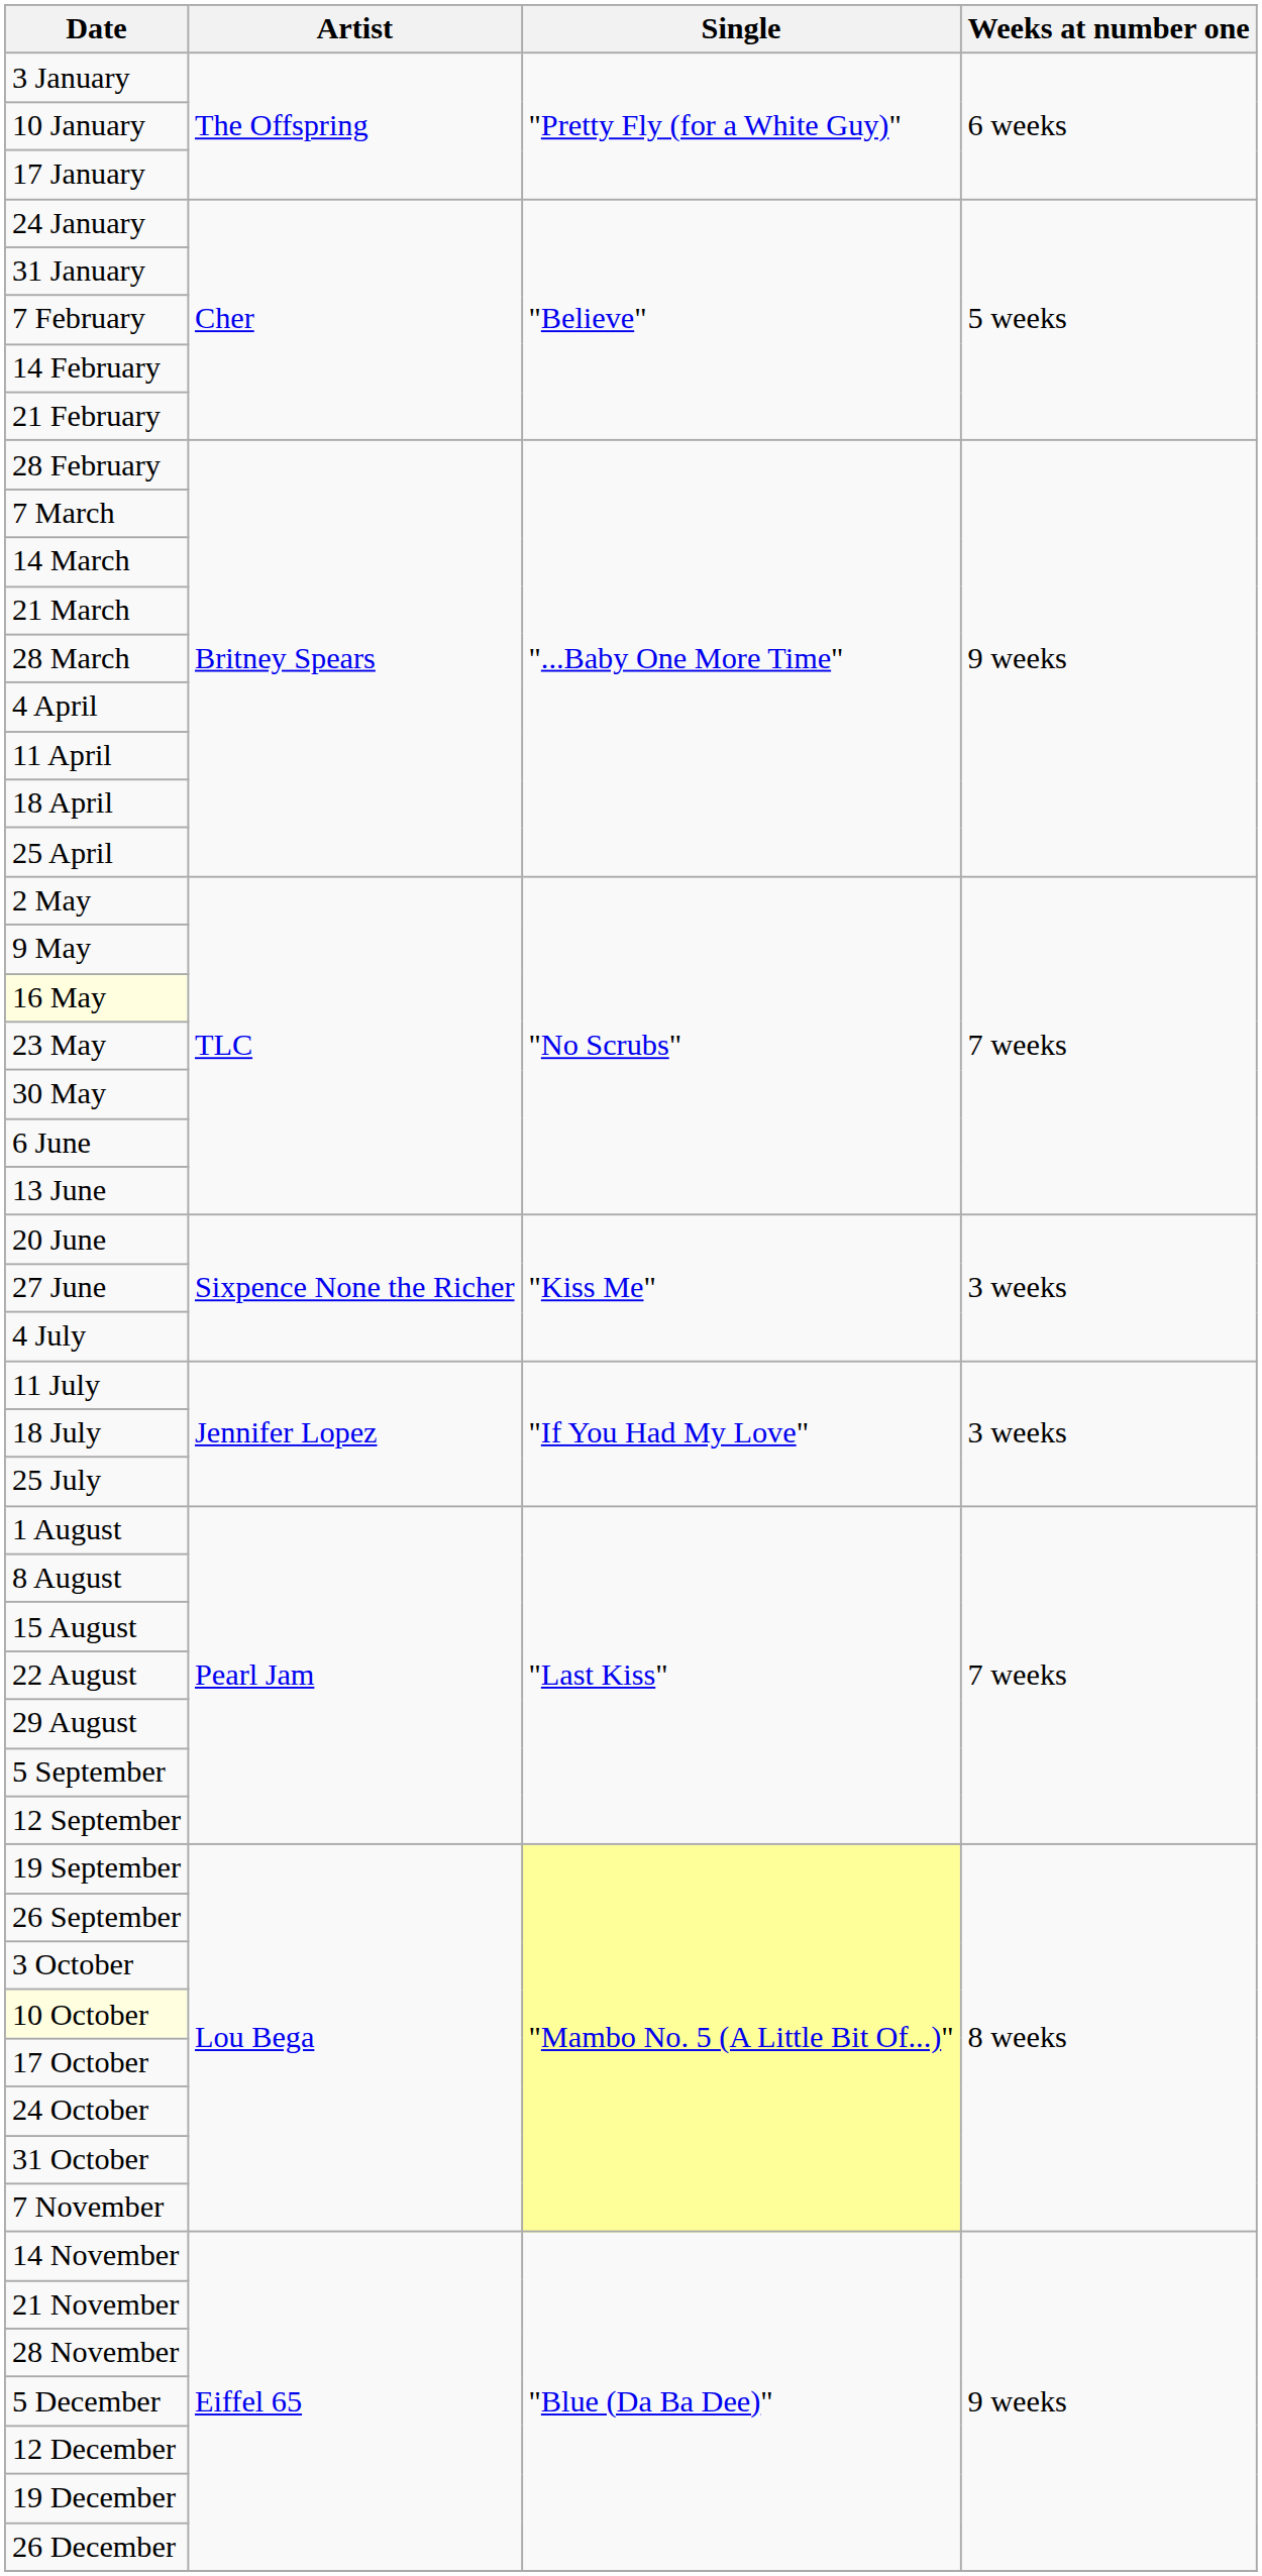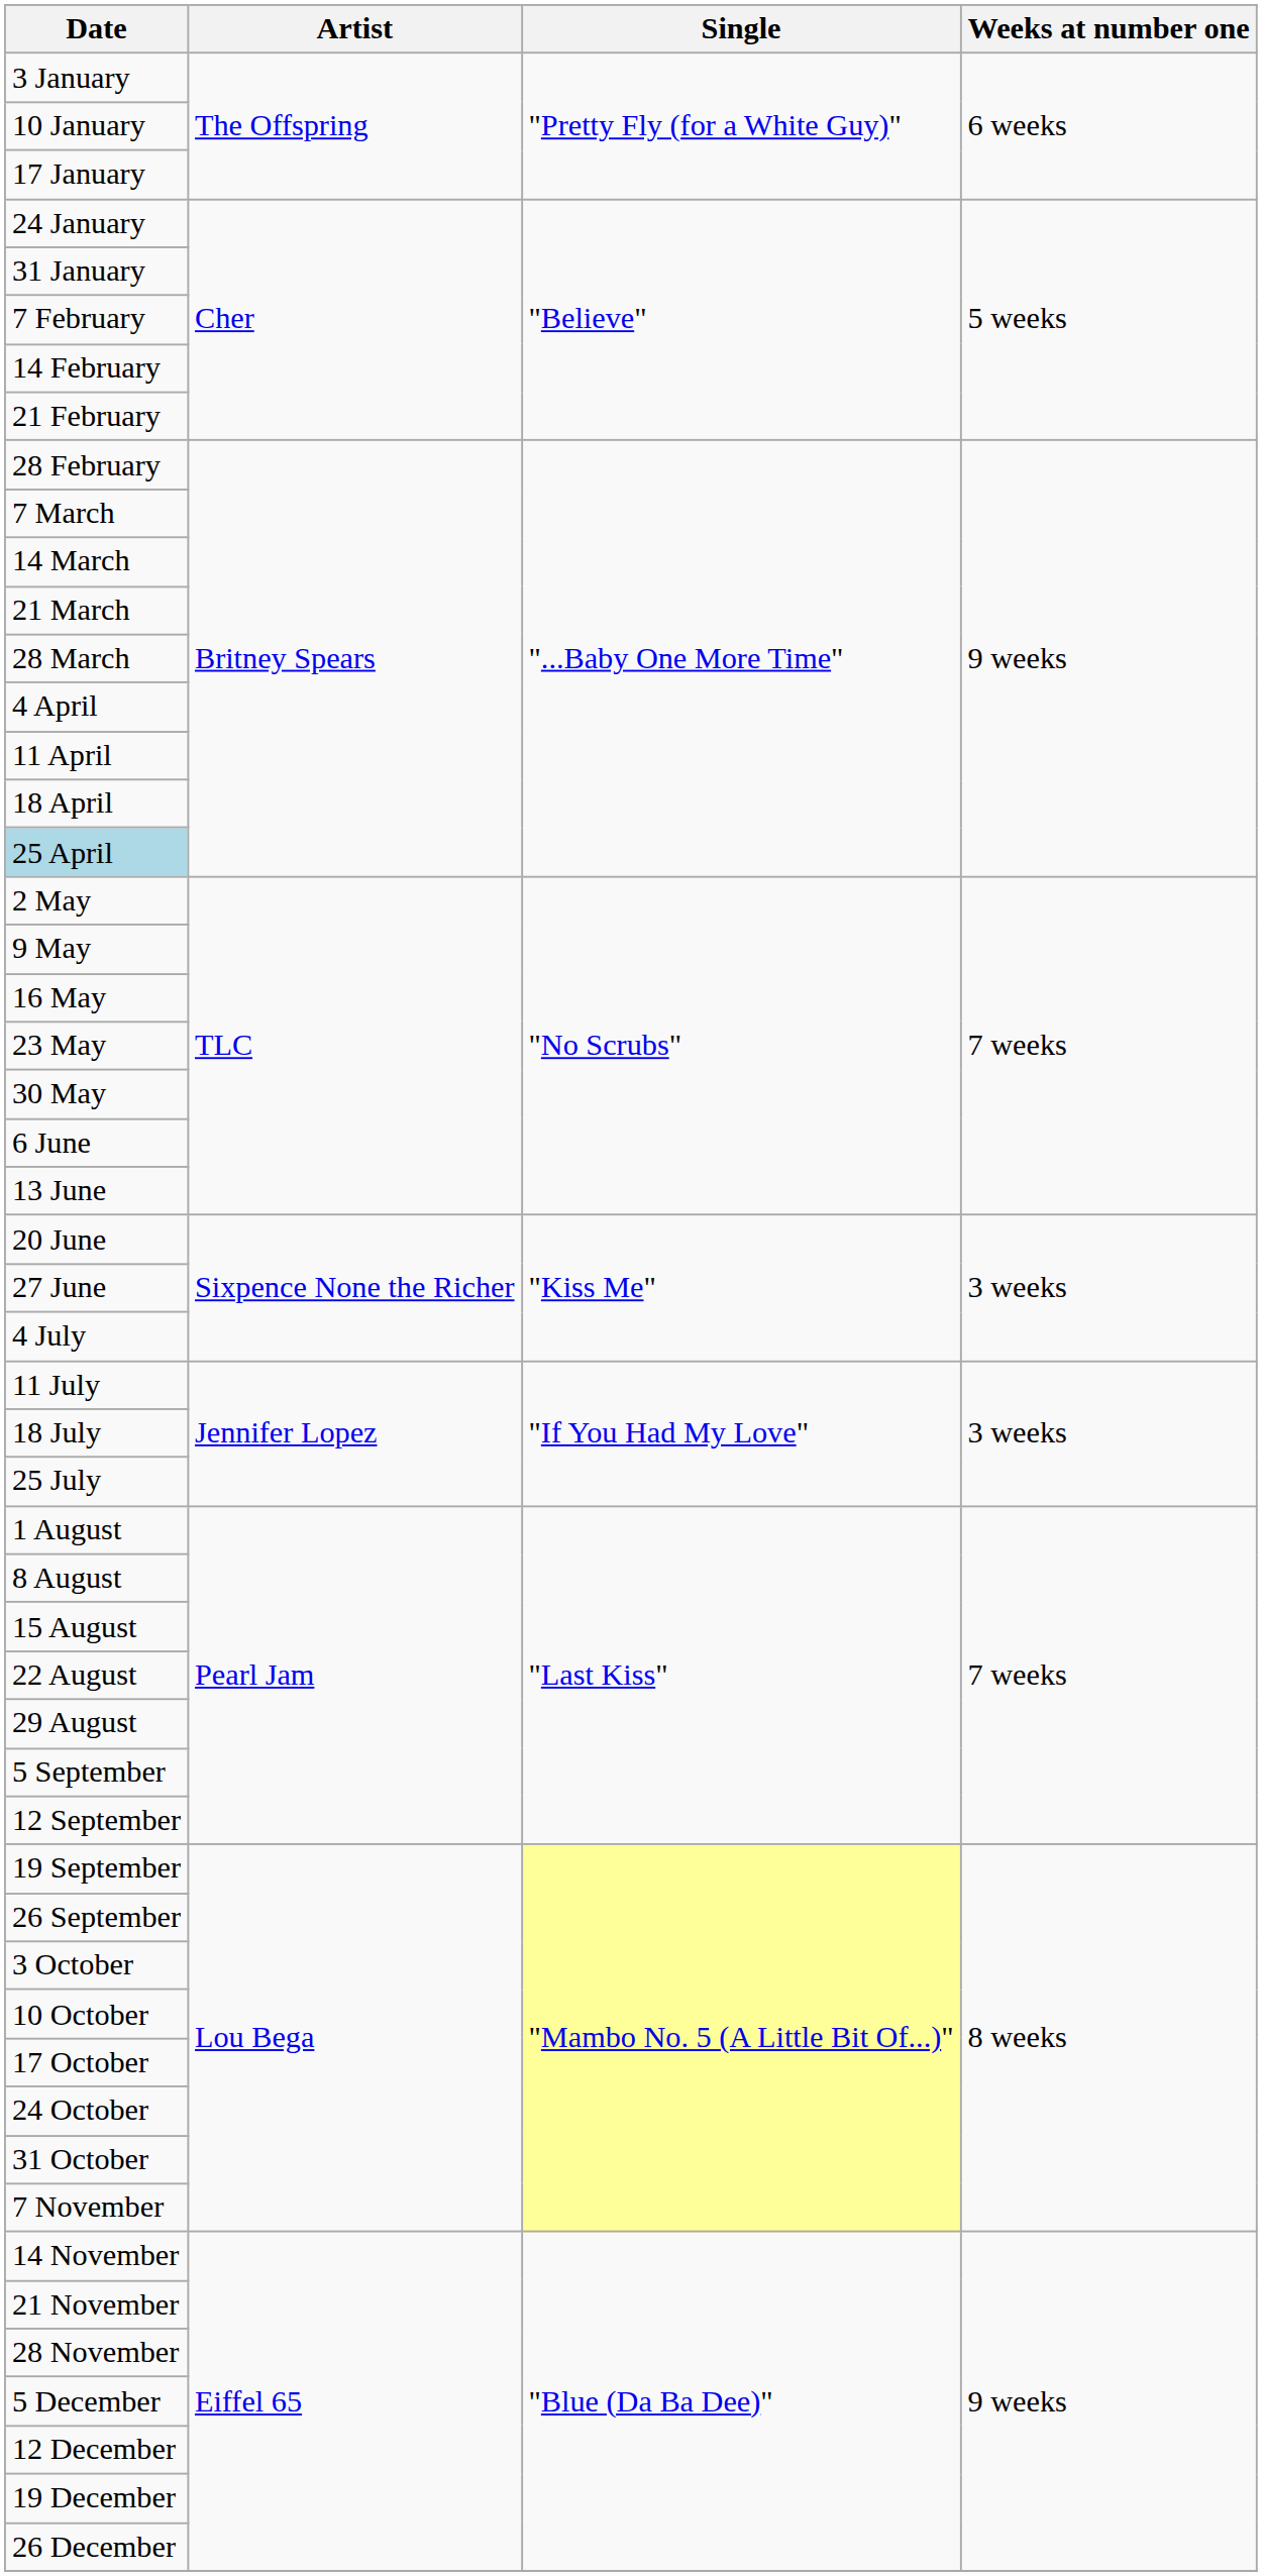 <table class="wikitable">
 <tr>
 <th>Date</th>
 <th>Artist</th>
 <th>Single</th>
 <th>Weeks at number one</th>
 </tr>
 <tr>
 <td>3 January</td>
 <td rowspan="3"><a href='#'>The Offspring</a></td>
 <td rowspan="3">"<a href='#'>Pretty Fly (for a White Guy)</a>"</td>
 <td rowspan="3">6 weeks</td>
 </tr>
 <tr>
 <td>10 January</td>
 </tr>
 <tr>
 <td>17 January</td>
 </tr>
 <tr>
 <td>24 January</td>
 <td rowspan="5"><a href='#'>Cher</a></td>
 <td rowspan="5">"<a href='#'>Believe</a>"</td>
 <td rowspan="5">5 weeks</td>
 </tr>
 <tr>
 <td>31 January</td>
 </tr>
 <tr>
 <td>7 February</td>
 </tr>
 <tr>
 <td>14 February</td>
 </tr>
 <tr>
 <td>21 February</td>
 </tr>
 <tr>
 <td>28 February</td>
 <td rowspan="9"><a href='#'>Britney Spears</a></td>
 <td rowspan="9">"<a href='#'>...Baby One More Time</a>"</td>
 <td rowspan="9">9 weeks</td>
 </tr>
 <tr>
 <td>7 March</td>
 </tr>
 <tr>
 <td>14 March</td>
 </tr>
 <tr>
 <td>21 March</td>
 </tr>
 <tr>
 <td>28 March</td>
 </tr>
 <tr>
 <td>4 April</td>
 </tr>
 <tr>
 <td>11 April</td>
 </tr>
 <tr>
 <td>18 April</td>
 </tr>
 <tr>
-<td>25 April</td>
+<td style="background: lightblue;">25 April</td>
 </tr>
 <tr>
 <td>2 May</td>
 <td rowspan="7"><a href='#'>TLC</a></td>
 <td rowspan="7">"<a href='#'>No Scrubs</a>"</td>
 <td rowspan="7">7 weeks</td>
 </tr>
 <tr>
 <td>9 May</td>
 </tr>
 <tr>
-<td style="background: lightyellow;">16 May</td>
+<td>16 May</td>
 </tr>
 <tr>
 <td>23 May</td>
 </tr>
 <tr>
 <td>30 May</td>
 </tr>
 <tr>
 <td>6 June</td>
 </tr>
 <tr>
 <td>13 June</td>
 </tr>
 <tr>
 <td>20 June</td>
 <td rowspan="3"><a href='#'>Sixpence None the Richer</a></td>
 <td rowspan="3">"<a href='#'>Kiss Me</a>"</td>
 <td rowspan="3">3 weeks</td>
 </tr>
 <tr>
 <td>27 June</td>
 </tr>
 <tr>
 <td>4 July</td>
 </tr>
 <tr>
 <td>11 July</td>
 <td rowspan="3"><a href='#'>Jennifer Lopez</a></td>
 <td rowspan="3">"<a href='#'>If You Had My Love</a>"</td>
 <td rowspan="3">3 weeks</td>
 </tr>
 <tr>
 <td>18 July</td>
 </tr>
 <tr>
 <td>25 July</td>
 </tr>
 <tr>
 <td>1 August</td>
 <td rowspan="7"><a href='#'>Pearl Jam</a></td>
 <td rowspan="7">"<a href='#'>Last Kiss</a>"</td>
 <td rowspan="7">7 weeks</td>
 </tr>
 <tr>
 <td>8 August</td>
 </tr>
 <tr>
 <td>15 August</td>
 </tr>
 <tr>
 <td>22 August</td>
 </tr>
 <tr>
 <td>29 August</td>
 </tr>
 <tr>
 <td>5 September</td>
 </tr>
 <tr>
 <td>12 September</td>
 </tr>
 <tr>
 <td>19 September</td>
 <td rowspan="8"><a href='#'>Lou Bega</a></td>
 <td bgcolor=#FFFF99 align="left" rowspan="8">"<a href='#'>Mambo No. 5 (A Little Bit Of...)</a>"</td>
 <td rowspan="8">8 weeks</td>
 </tr>
 <tr>
 <td>26 September</td>
 </tr>
 <tr>
 <td>3 October</td>
 </tr>
 <tr>
-<td style="background: lightyellow;">10 October</td>
+<td>10 October</td>
 </tr>
 <tr>
 <td>17 October</td>
 </tr>
 <tr>
 <td>24 October</td>
 </tr>
 <tr>
 <td>31 October</td>
 </tr>
 <tr>
 <td>7 November</td>
 </tr>
 <tr>
 <td>14 November</td>
 <td rowspan="7"><a href='#'>Eiffel 65</a></td>
 <td rowspan="7">"<a href='#'>Blue (Da Ba Dee)</a>"</td>
 <td rowspan="7">9 weeks</td>
 </tr>
 <tr>
 <td>21 November</td>
 </tr>
 <tr>
 <td>28 November</td>
 </tr>
 <tr>
 <td>5 December</td>
 </tr>
 <tr>
 <td>12 December</td>
 </tr>
 <tr>
 <td>19 December</td>
 </tr>
 <tr>
 <td>26 December</td>
 </tr>
 <tr>
 </tr>
 </table>
